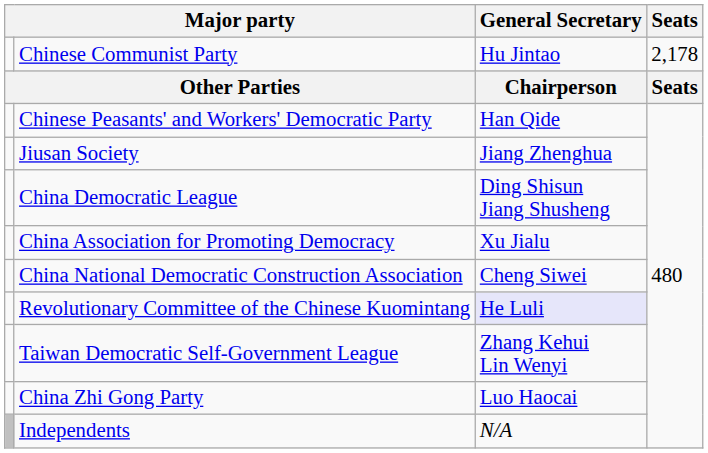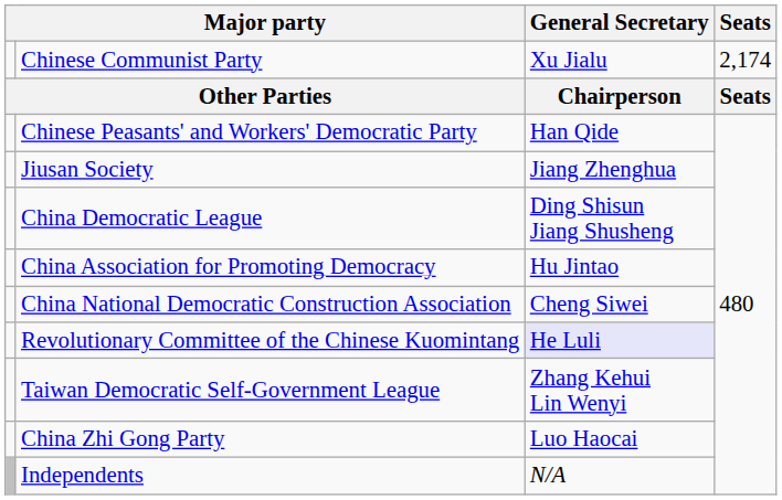 <table class="wikitable">
 <tr>
 <th colspan="2">Major party</th>
 <th>General Secretary</th>
 <th>Seats</th>
 </tr>
 <tr>
 <td style="background: "></td>
 <td><a href='#'>Chinese Communist Party</a></td>
-<td><a href='#'>Hu Jintao</a></td>
-<td>2,178</td>
+<td><a href='#'>Xu Jialu</a></td>
+<td>2,174</td>
 </tr>
 <tr>
 <th colspan="2">Other Parties</th>
 <th>Chairperson</th>
 <th>Seats</th>
 </tr>
 <tr>
 <td style="background: "></td>
 <td><a href='#'>Chinese Peasants' and Workers' Democratic Party</a></td>
 <td><a href='#'>Han Qide</a></td>
 <td rowspan="9">480</td>
 </tr>
 <tr>
 <td style="background: "></td>
 <td><a href='#'>Jiusan Society</a></td>
 <td><a href='#'>Jiang Zhenghua</a></td>
 </tr>
 <tr>
 <td style="background: "></td>
 <td><a href='#'>China Democratic League</a></td>
 <td><a href='#'>Ding Shisun</a><br><a href='#'>Jiang Shusheng</a></td>
 </tr>
 <tr>
 <td style="background: "></td>
 <td><a href='#'>China Association for Promoting Democracy</a></td>
-<td><a href='#'>Xu Jialu</a></td>
+<td><a href='#'>Hu Jintao</a></td>
 </tr>
 <tr>
 <td style="background: "></td>
 <td><a href='#'>China National Democratic Construction Association</a></td>
 <td><a href='#'>Cheng Siwei</a></td>
 </tr>
 <tr>
 <td style="background: "></td>
 <td><a href='#'>Revolutionary Committee of the Chinese Kuomintang</a></td>
 <td style="background: lavender;"><a href='#'>He Luli</a></td>
 </tr>
 <tr>
 <td style="background: "></td>
 <td><a href='#'>Taiwan Democratic Self-Government League</a></td>
 <td><a href='#'>Zhang Kehui</a><br><a href='#'>Lin Wenyi</a></td>
 </tr>
 <tr>
 <td style="background: "></td>
 <td><a href='#'>China Zhi Gong Party</a></td>
 <td><a href='#'>Luo Haocai</a></td>
 </tr>
 <tr>
 <td style="background: #C0C0C0"></td>
 <td><a href='#'>Independents</a></td>
 <td><em>N/A</em></td>
 </tr>
 </table>
